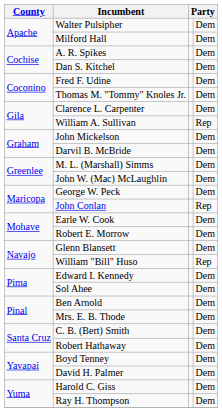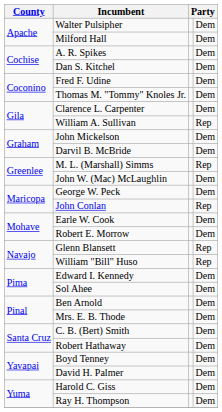 <table class="sortable wikitable" style="font-size:95%;line-height:14px;">
 <tr>
 <th><a href='#'>County</a></th>
 <th>Incumbent</th>
 <th colspan="2">Party</th>
 </tr>
 <tr>
 <td rowspan="2"><a href='#'>Apache</a></td>
 <td>Walter Pulsipher</td>
 <td style="background:"></td>
 <td>Dem</td>
 </tr>
 <tr>
 <td>Milford Hall</td>
 <td style="background:"></td>
 <td>Dem</td>
 </tr>
 <tr>
 <td rowspan="2"><a href='#'>Cochise</a></td>
 <td>A. R. Spikes</td>
 <td style="background:"></td>
 <td>Dem</td>
 </tr>
 <tr>
 <td>Dan S. Kitchel</td>
 <td style="background:"></td>
 <td>Dem</td>
 </tr>
 <tr>
 <td rowspan="2"><a href='#'>Coconino</a></td>
 <td>Fred F. Udine</td>
 <td style="background:"></td>
 <td>Dem</td>
 </tr>
 <tr>
 <td>Thomas M. "Tommy" Knoles Jr.</td>
 <td style="background:"></td>
 <td>Dem</td>
 </tr>
 <tr>
 <td rowspan="2"><a href='#'>Gila</a></td>
 <td>Clarence L. Carpenter</td>
 <td style="background:"></td>
 <td>Dem</td>
 </tr>
 <tr>
 <td>William A. Sullivan</td>
 <td style="background:"></td>
 <td>Rep</td>
 </tr>
 <tr>
 <td rowspan="2"><a href='#'>Graham</a></td>
 <td>John Mickelson</td>
 <td style="background:"></td>
 <td>Dem</td>
 </tr>
 <tr>
 <td>Darvil B. McBride</td>
 <td style="background:"></td>
 <td>Dem</td>
 </tr>
 <tr>
 <td rowspan="2"><a href='#'>Greenlee</a></td>
 <td>M. L. (Marshall) Simms</td>
 <td style="background:"></td>
-<td>Dem</td>
+<td>Rep</td>
 </tr>
 <tr>
 <td>John W. (Mac) McLaughlin</td>
 <td style="background:"></td>
 <td>Dem</td>
 </tr>
 <tr>
 <td rowspan="2"><a href='#'>Maricopa</a></td>
 <td>George W. Peck</td>
 <td style="background:"></td>
 <td>Dem</td>
 </tr>
 <tr>
 <td><a href='#'>John Conlan</a></td>
 <td style="background:"></td>
 <td>Rep</td>
 </tr>
 <tr>
 <td rowspan="2"><a href='#'>Mohave</a></td>
 <td>Earle W. Cook</td>
 <td style="background:"></td>
 <td>Dem</td>
 </tr>
 <tr>
 <td>Robert E. Morrow</td>
 <td style="background:"></td>
 <td>Dem</td>
 </tr>
 <tr>
 <td rowspan="2"><a href='#'>Navajo</a></td>
 <td>Glenn Blansett</td>
 <td style="background:"></td>
-<td>Dem</td>
+<td>Rep</td>
 </tr>
 <tr>
 <td>William "Bill" Huso</td>
 <td style="background:"></td>
 <td>Rep</td>
 </tr>
 <tr>
 <td rowspan="2"><a href='#'>Pima</a></td>
 <td>Edward I. Kennedy</td>
 <td style="background:"></td>
 <td>Dem</td>
 </tr>
 <tr>
 <td>Sol Ahee</td>
 <td style="background:"></td>
 <td>Dem</td>
 </tr>
 <tr>
 <td rowspan="2"><a href='#'>Pinal</a></td>
 <td>Ben Arnold</td>
 <td style="background:"></td>
 <td>Dem</td>
 </tr>
 <tr>
 <td>Mrs. E. B. Thode</td>
 <td style="background:"></td>
 <td>Dem</td>
 </tr>
 <tr>
 <td rowspan="2"><a href='#'>Santa Cruz</a></td>
 <td>C. B. (Bert) Smith</td>
 <td style="background:"></td>
 <td>Dem</td>
 </tr>
 <tr>
 <td>Robert Hathaway</td>
 <td style="background:"></td>
 <td>Dem</td>
 </tr>
 <tr>
 <td rowspan="2"><a href='#'>Yavapai</a></td>
 <td>Boyd Tenney</td>
 <td style="background:"></td>
 <td>Dem</td>
 </tr>
 <tr>
 <td>David H. Palmer</td>
 <td style="background:"></td>
 <td>Dem</td>
 </tr>
 <tr>
 <td rowspan="2"><a href='#'>Yuma</a></td>
 <td>Harold C. Giss</td>
 <td style="background:"></td>
 <td>Dem</td>
 </tr>
 <tr>
 <td>Ray H. Thompson</td>
 <td style="background:"></td>
 <td>Dem</td>
 </tr>
 <tr>
 </tr>
 </table>
